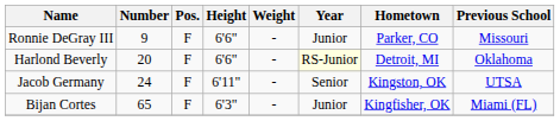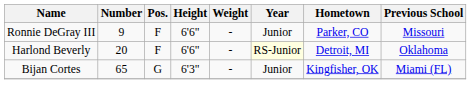 <table class="wikitable sortable" border="1" style="text-align:center;">
 <tr align=center>
 <th>Name</th>
 <th>Number</th>
 <th>Pos.</th>
 <th>Height</th>
 <th>Weight</th>
 <th>Year</th>
 <th>Hometown</th>
 <th>Previous School</th>
 </tr>
 <tr>
 <td>Ronnie DeGray III</td>
 <td>9</td>
 <td>F</td>
 <td>6'6"</td>
 <td>-</td>
 <td>Junior</td>
 <td><a href='#'>Parker, CO</a></td>
 <td><a href='#'>Missouri</a></td>
 </tr>
 <tr>
 <td>Harlond Beverly</td>
 <td>20</td>
 <td>F</td>
 <td>6'6"</td>
 <td>-</td>
 <td style="background: lightyellow;">RS-Junior</td>
 <td><a href='#'>Detroit, MI</a></td>
 <td><a href='#'>Oklahoma</a></td>
 </tr>
 <tr>
-<td>Jacob Germany</td>
-<td>24</td>
-<td>F</td>
-<td>6'11"</td>
-<td>-</td>
-<td>Senior</td>
-<td><a href='#'>Kingston, OK</a></td>
-<td><a href='#'>UTSA</a></td>
-</tr>
-<tr>
 <td>Bijan Cortes</td>
 <td>65</td>
-<td>F</td>
+<td>G</td>
 <td>6'3"</td>
 <td>-</td>
 <td>Junior</td>
 <td><a href='#'>Kingfisher, OK</a></td>
 <td><a href='#'>Miami (FL)</a></td>
 </tr>
 <tr>
 </tr>
 </table>
